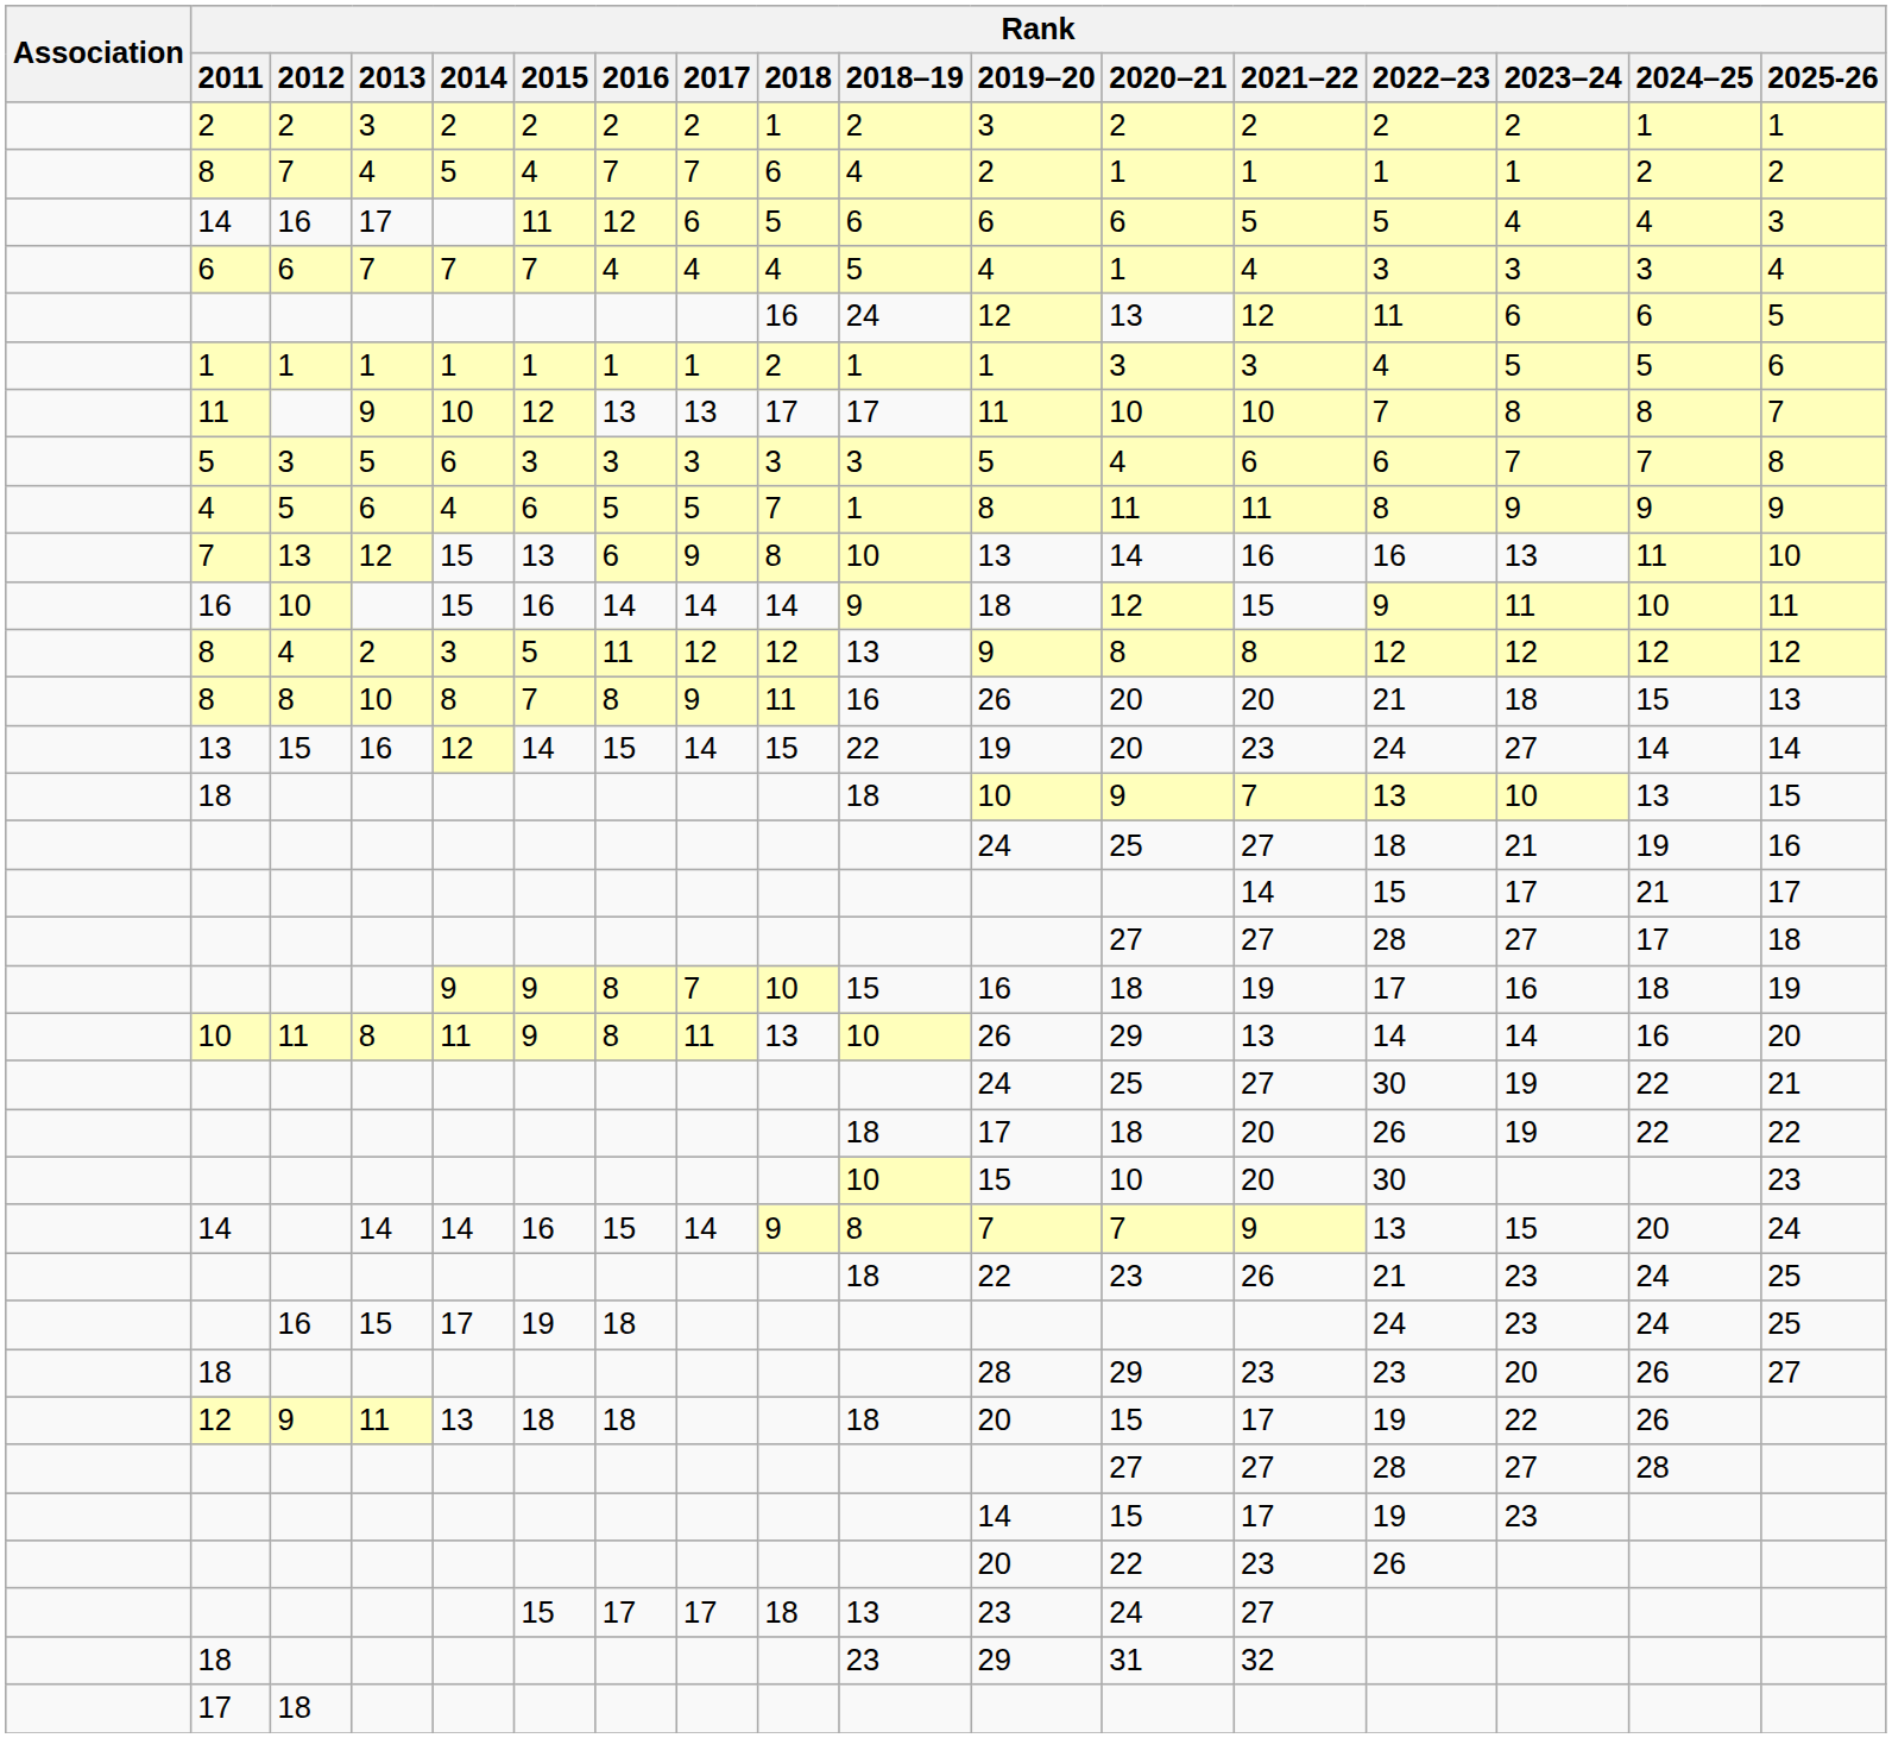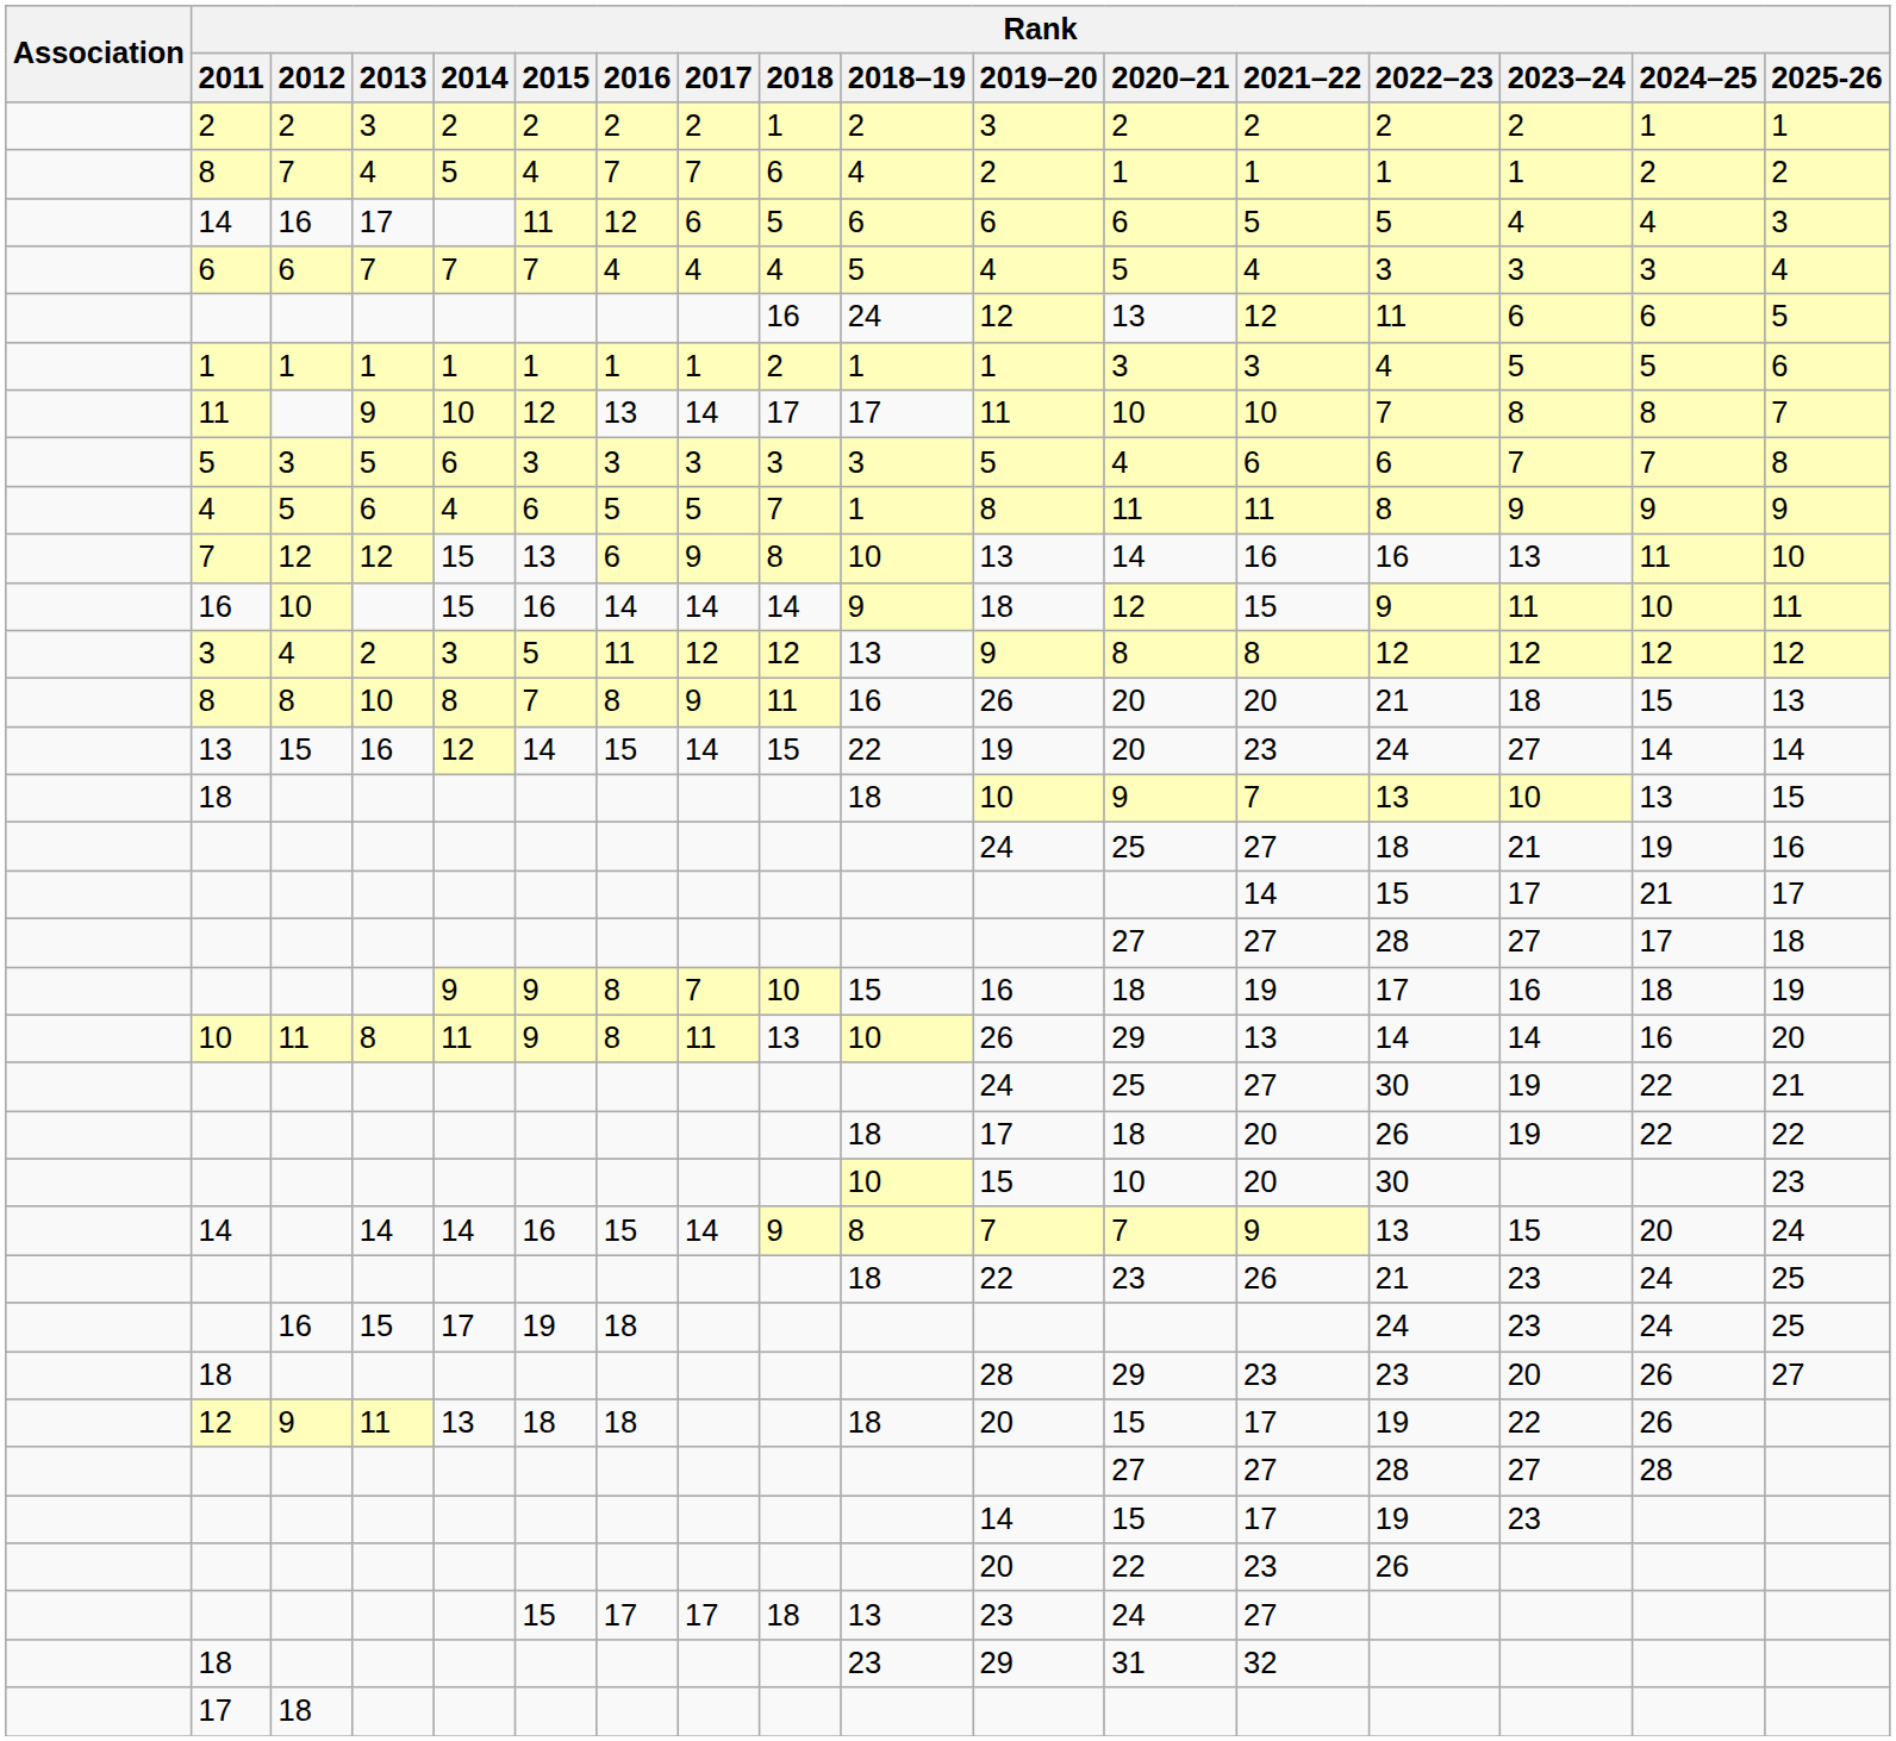 <table class="wikitable sortable" style="texT–align: center;">
 <tr>
 <th rowspan=2>Association</th>
 <th colspan=16>Rank </th>
 </tr>
 <tr>
 <th data-sort-type="number">2011</th>
 <th data-sort-type="number">2012</th>
 <th data-sort-type="number">2013</th>
 <th data-sort-type="number">2014</th>
 <th data-sort-type="number">2015</th>
 <th data-sort-type="number">2016</th>
 <th data-sort-type="number">2017</th>
 <th data-sort-type="number">2018</th>
 <th data-sort-type="number">2018–19</th>
 <th data-sort-type="number">2019–20</th>
 <th data-sort-type="number">2020–21</th>
 <th !data-sort-type="number">2021–22</th>
 <th data-sort-type="number">2022–23</th>
 <th data-sort-type="number">2023–24</th>
 <th data-sort-type="number">2024–25</th>
 <th data-sort-type="number">2025-26</th>
 </tr>
 <tr>
 <td align=left></td>
 <td bgcolor=#FFFFBB>2 </td>
 <td bgcolor=#FFFFBB>2 </td>
 <td bgcolor=#FFFFBB>3 </td>
 <td bgcolor=#FFFFBB>2 </td>
 <td bgcolor=#FFFFBB>2 </td>
 <td bgcolor=#FFFFBB>2 </td>
 <td bgcolor=#FFFFBB>2 </td>
 <td bgcolor=#FFFFBB>1 </td>
 <td bgcolor=#FFFFBB>2 </td>
 <td bgcolor=#FFFFBB>3 </td>
 <td bgcolor=#FFFFBB>2 </td>
 <td bgcolor=#FFFFBB>2 </td>
 <td bgcolor=#FFFFBB>2 </td>
 <td bgcolor=#FFFFBB>2 </td>
 <td bgcolor=#FFFFBB>1 </td>
 <td bgcolor=#FFFFBB>1 </td>
 </tr>
 <tr>
 <td align=left></td>
 <td bgcolor=#FFFFBB>8 </td>
 <td bgcolor=#FFFFBB>7 </td>
 <td bgcolor=#FFFFBB>4 </td>
 <td bgcolor=#FFFFBB>5 </td>
 <td bgcolor=#FFFFBB>4 </td>
 <td bgcolor=#FFFFBB>7 </td>
 <td bgcolor=#FFFFBB>7 </td>
 <td bgcolor=#FFFFBB>6 </td>
 <td bgcolor=#FFFFBB>4 </td>
 <td bgcolor=#FFFFBB>2 </td>
 <td bgcolor=#FFFFBB>1 </td>
 <td bgcolor=#FFFFBB>1 </td>
 <td bgcolor=#FFFFBB>1 </td>
 <td bgcolor=#FFFFBB>1 </td>
 <td bgcolor=#FFFFBB>2 </td>
 <td bgcolor=#FFFFBB>2 </td>
 </tr>
 <tr>
 <td align="left"></td>
 <td>14 </td>
 <td>16 </td>
 <td>17 </td>
 <td></td>
 <td bgcolor="#FFFFBB">11 </td>
 <td bgcolor="#FFFFBB">12 </td>
 <td bgcolor="#FFFFBB">6 </td>
 <td bgcolor="#FFFFBB">5 </td>
 <td bgcolor="#FFFFBB">6 </td>
 <td bgcolor="#FFFFBB">6 </td>
 <td bgcolor="#FFFFBB">6 </td>
 <td bgcolor="#FFFFBB">5 </td>
 <td bgcolor="#FFFFBB">5 </td>
 <td bgcolor="#FFFFBB">4 </td>
 <td bgcolor="#FFFFBB">4 </td>
 <td bgcolor="#FFFFBB">3 </td>
 </tr>
 <tr>
 <td align=left></td>
 <td bgcolor=#FFFFBB>6 </td>
 <td bgcolor=#FFFFBB>6 </td>
 <td bgcolor=#FFFFBB>7 </td>
 <td bgcolor=#FFFFBB>7 </td>
 <td bgcolor=#FFFFBB>7 </td>
 <td bgcolor=#FFFFBB>4 </td>
 <td bgcolor=#FFFFBB>4 </td>
 <td bgcolor=#FFFFBB>4 </td>
 <td bgcolor=#FFFFBB>5 </td>
 <td bgcolor=#FFFFBB>4 </td>
-<td bgcolor=#FFFFBB>1 </td>
+<td bgcolor=#FFFFBB>5 </td>
 <td bgcolor=#FFFFBB>4 </td>
 <td bgcolor=#FFFFBB>3 </td>
 <td bgcolor=#FFFFBB>3 </td>
 <td bgcolor=#FFFFBB>3 </td>
 <td bgcolor=#FFFFBB>4 </td>
 </tr>
 <tr>
 <td align=left></td>
 <td></td>
 <td></td>
 <td></td>
 <td></td>
 <td></td>
 <td></td>
 <td></td>
 <td>16 </td>
 <td>24 </td>
 <td bgcolor=#FFFFBB>12 </td>
 <td>13 </td>
 <td bgcolor=#FFFFBB>12 </td>
 <td bgcolor=#FFFFBB>11 </td>
 <td bgcolor=#FFFFBB>6 </td>
 <td bgcolor=#FFFFBB>6 </td>
 <td bgcolor=#FFFFBB>5 </td>
 </tr>
 <tr>
 <td align="left"></td>
 <td bgcolor="#FFFFBB">1 </td>
 <td bgcolor="#FFFFBB">1 </td>
 <td bgcolor="#FFFFBB">1 </td>
 <td bgcolor="#FFFFBB">1 </td>
 <td bgcolor="#FFFFBB">1 </td>
 <td bgcolor="#FFFFBB">1 </td>
 <td bgcolor="#FFFFBB">1 </td>
 <td bgcolor="#FFFFBB">2 </td>
 <td bgcolor="#FFFFBB">1 </td>
 <td bgcolor="#FFFFBB">1 </td>
 <td bgcolor="#FFFFBB">3 </td>
 <td bgcolor="#FFFFBB">3 </td>
 <td bgcolor="#FFFFBB">4 </td>
 <td bgcolor="#FFFFBB">5 </td>
 <td bgcolor="#FFFFBB">5 </td>
 <td bgcolor="#FFFFBB">6 </td>
 </tr>
 <tr>
 <td align=left></td>
 <td bgcolor=#FFFFBB>11 </td>
 <td> </td>
 <td bgcolor=#FFFFBB>9 </td>
 <td bgcolor=#FFFFBB>10 </td>
 <td bgcolor=#FFFFBB>12 </td>
 <td>13 </td>
-<td>13 </td>
+<td>14 </td>
 <td>17 </td>
 <td>17 </td>
 <td bgcolor=#FFFFBB>11 </td>
 <td bgcolor=#FFFFBB>10 </td>
 <td bgcolor=#FFFFBB>10 </td>
 <td bgcolor=#FFFFBB>7 </td>
 <td bgcolor=#FFFFBB>8 </td>
 <td bgcolor=#FFFFBB>8 </td>
 <td bgcolor=#FFFFBB>7 </td>
 </tr>
 <tr>
 <td align=left></td>
 <td bgcolor=#FFFFBB>5 </td>
 <td bgcolor=#FFFFBB>3 </td>
 <td bgcolor=#FFFFBB>5 </td>
 <td bgcolor=#FFFFBB>6 </td>
 <td bgcolor=#FFFFBB>3 </td>
 <td bgcolor=#FFFFBB>3 </td>
 <td bgcolor=#FFFFBB>3 </td>
 <td bgcolor=#FFFFBB>3 </td>
 <td bgcolor=#FFFFBB>3 </td>
 <td bgcolor=#FFFFBB>5 </td>
 <td bgcolor=#FFFFBB>4 </td>
 <td bgcolor=#FFFFBB>6 </td>
 <td bgcolor=#FFFFBB>6 </td>
 <td bgcolor=#FFFFBB>7 </td>
 <td bgcolor=#FFFFBB>7 </td>
 <td bgcolor=#FFFFBB>8 </td>
 </tr>
 <tr>
 <td align=left></td>
 <td bgcolor=#FFFFBB>4 </td>
 <td bgcolor=#FFFFBB>5 </td>
 <td bgcolor=#FFFFBB>6 </td>
 <td bgcolor=#FFFFBB>4 </td>
 <td bgcolor=#FFFFBB>6 </td>
 <td bgcolor=#FFFFBB>5 </td>
 <td bgcolor=#FFFFBB>5 </td>
 <td bgcolor=#FFFFBB>7 </td>
 <td bgcolor=#FFFFBB>1 </td>
 <td bgcolor=#FFFFBB>8 </td>
 <td bgcolor=#FFFFBB>11 </td>
 <td bgcolor=#FFFFBB>11 </td>
 <td bgcolor=#FFFFBB>8 </td>
 <td bgcolor=#FFFFBB>9 </td>
 <td bgcolor=#FFFFBB>9 </td>
 <td bgcolor=#FFFFBB>9 </td>
 </tr>
 <tr>
 <td align=left></td>
 <td bgcolor=#FFFFBB>7 </td>
-<td bgcolor=#FFFFBB>13 </td>
+<td bgcolor=#FFFFBB>12 </td>
 <td bgcolor=#FFFFBB>12 </td>
 <td>15 </td>
 <td>13 </td>
 <td bgcolor=#FFFFBB>6 </td>
 <td bgcolor=#FFFFBB>9 </td>
 <td bgcolor=#FFFFBB>8 </td>
 <td bgcolor=#FFFFBB>10 </td>
 <td>13 </td>
 <td>14 </td>
 <td>16 </td>
 <td>16 </td>
 <td>13 </td>
 <td bgcolor=#FFFFBB>11 </td>
 <td bgcolor=#FFFFBB>10 </td>
 </tr>
 <tr>
 <td align=left></td>
 <td>16 </td>
 <td bgcolor=#FFFFBB>10 </td>
 <td> </td>
 <td>15 </td>
 <td>16 </td>
 <td>14 </td>
 <td>14 </td>
 <td>14 </td>
 <td bgcolor=#FFFFBB>9 </td>
 <td>18 </td>
 <td bgcolor=#FFFFBB>12 </td>
 <td>15 </td>
 <td bgcolor=#FFFFBB>9 </td>
 <td bgcolor=#FFFFBB>11 </td>
 <td bgcolor=#FFFFBB>10 </td>
 <td bgcolor=#FFFFBB>11 </td>
 </tr>
 <tr>
 <td align=left></td>
-<td bgcolor=#FFFFBB>8 </td>
+<td bgcolor=#FFFFBB>3 </td>
 <td bgcolor=#FFFFBB>4 </td>
 <td bgcolor=#FFFFBB>2 </td>
 <td bgcolor=#FFFFBB>3 </td>
 <td bgcolor=#FFFFBB>5 </td>
 <td bgcolor=#FFFFBB>11 </td>
 <td bgcolor=#FFFFBB>12 </td>
 <td bgcolor=#FFFFBB>12 </td>
 <td>13 </td>
 <td bgcolor=#FFFFBB>9 </td>
 <td bgcolor=#FFFFBB>8 </td>
 <td bgcolor=#FFFFBB>8 </td>
 <td bgcolor=#FFFFBB>12 </td>
 <td bgcolor=#FFFFBB>12 </td>
 <td bgcolor=#FFFFBB>12 </td>
 <td bgcolor=#FFFFBB>12 </td>
 </tr>
 <tr>
 <td align=left></td>
 <td bgcolor=#FFFFBB>8 </td>
 <td bgcolor=#FFFFBB>8 </td>
 <td bgcolor=#FFFFBB>10 </td>
 <td bgcolor=#FFFFBB>8 </td>
 <td bgcolor=#FFFFBB>7 </td>
 <td bgcolor=#FFFFBB>8 </td>
 <td bgcolor=#FFFFBB>9 </td>
 <td bgcolor=#FFFFBB>11 </td>
 <td>16 </td>
 <td>26 </td>
 <td>20 </td>
 <td>20 </td>
 <td>21 </td>
 <td>18 </td>
 <td>15 </td>
 <td>13 </td>
 </tr>
 <tr>
 <td align=left></td>
 <td>13 </td>
 <td>15 </td>
 <td>16 </td>
 <td bgcolor=#FFFFBB>12 </td>
 <td>14 </td>
 <td>15 </td>
 <td>14 </td>
 <td>15 </td>
 <td>22 </td>
 <td>19 </td>
 <td>20 </td>
 <td>23 </td>
 <td>24 </td>
 <td>27 </td>
 <td>14 </td>
 <td>14 </td>
 </tr>
 <tr>
 <td align=left></td>
 <td>18 </td>
 <td></td>
 <td></td>
 <td></td>
 <td></td>
 <td></td>
 <td></td>
 <td></td>
 <td>18 </td>
 <td bgcolor=#FFFFBB>10 </td>
 <td bgcolor=#FFFFBB>9 </td>
 <td bgcolor=#FFFFBB>7 </td>
 <td bgcolor=#FFFFBB>13 </td>
 <td bgcolor=#FFFFBB>10 </td>
 <td>13 </td>
 <td>15 </td>
 </tr>
 <tr>
 <td align=left></td>
 <td></td>
 <td></td>
 <td></td>
 <td></td>
 <td></td>
 <td></td>
 <td></td>
 <td></td>
 <td></td>
 <td>24 </td>
 <td>25 </td>
 <td>27 </td>
 <td>18 </td>
 <td>21 </td>
 <td>19 </td>
 <td>16 </td>
 </tr>
 <tr>
 <td align=left></td>
 <td></td>
 <td></td>
 <td></td>
 <td></td>
 <td></td>
 <td></td>
 <td></td>
 <td></td>
 <td></td>
 <td></td>
 <td></td>
 <td>14 </td>
 <td>15 </td>
 <td>17 </td>
 <td>21 </td>
 <td>17 </td>
 </tr>
 <tr>
 <td align=left></td>
 <td></td>
 <td></td>
 <td></td>
 <td></td>
 <td></td>
 <td></td>
 <td></td>
 <td></td>
 <td></td>
 <td></td>
 <td>27 </td>
 <td>27 </td>
 <td>28 </td>
 <td>27 </td>
 <td>17 </td>
 <td>18 </td>
 </tr>
 <tr>
 <td align=left></td>
 <td></td>
 <td></td>
 <td></td>
 <td bgcolor=#FFFFBB>9 </td>
 <td bgcolor=#FFFFBB>9 </td>
 <td bgcolor=#FFFFBB>8 </td>
 <td bgcolor=#FFFFBB>7 </td>
 <td bgcolor=#FFFFBB>10 </td>
 <td>15 </td>
 <td>16 </td>
 <td>18 </td>
 <td>19 </td>
 <td>17 </td>
 <td>16 </td>
 <td>18 </td>
 <td>19 </td>
 </tr>
 <tr>
 <td align=left></td>
 <td bgcolor=#FFFFBB>10 </td>
 <td bgcolor=#FFFFBB>11 </td>
 <td bgcolor=#FFFFBB>8 </td>
 <td bgcolor=#FFFFBB>11 </td>
 <td bgcolor=#FFFFBB>9 </td>
 <td bgcolor=#FFFFBB>8 </td>
 <td bgcolor=#FFFFBB>11 </td>
 <td>13 </td>
 <td bgcolor=#FFFFBB>10 </td>
 <td>26 </td>
 <td>29 </td>
 <td>13 </td>
 <td>14 </td>
 <td>14 </td>
 <td>16 </td>
 <td>20 </td>
 </tr>
 <tr>
 <td align=left></td>
 <td></td>
 <td></td>
 <td></td>
 <td></td>
 <td></td>
 <td></td>
 <td></td>
 <td></td>
 <td></td>
 <td>24 </td>
 <td>25 </td>
 <td>27 </td>
 <td>30 </td>
 <td>19 </td>
 <td>22 </td>
 <td>21 </td>
 </tr>
 <tr>
 <td align=left></td>
 <td></td>
 <td></td>
 <td></td>
 <td></td>
 <td></td>
 <td></td>
 <td></td>
 <td></td>
 <td>18 </td>
 <td>17 </td>
 <td>18 </td>
 <td>20 </td>
 <td>26 </td>
 <td>19 </td>
 <td>22 </td>
 <td>22 </td>
 </tr>
 <tr>
 <td align=left></td>
 <td></td>
 <td></td>
 <td></td>
 <td></td>
 <td></td>
 <td></td>
 <td></td>
 <td></td>
 <td bgcolor=#FFFFBB>10 </td>
 <td>15 </td>
 <td>10 </td>
 <td>20 </td>
 <td>30 </td>
 <td></td>
 <td></td>
 <td>23 </td>
 </tr>
 <tr>
 <td align=left></td>
 <td>14 </td>
 <td> </td>
 <td>14 </td>
 <td>14 </td>
 <td>16 </td>
 <td>15 </td>
 <td>14 </td>
 <td bgcolor=#FFFFBB>9 </td>
 <td bgcolor=#FFFFBB>8 </td>
 <td bgcolor=#FFFFBB>7 </td>
 <td bgcolor=#FFFFBB>7 </td>
 <td bgcolor=#FFFFBB>9 </td>
 <td>13 </td>
 <td>15 </td>
 <td>20 </td>
 <td>24 </td>
 </tr>
 <tr>
 <td align=left></td>
 <td></td>
 <td></td>
 <td></td>
 <td></td>
 <td></td>
 <td></td>
 <td></td>
 <td></td>
 <td>18 </td>
 <td>22 </td>
 <td>23 </td>
 <td>26 </td>
 <td>21 </td>
 <td>23 </td>
 <td>24 </td>
 <td>25 </td>
 </tr>
 <tr>
 <td align=left></td>
 <td></td>
 <td>16 </td>
 <td>15 </td>
 <td>17 </td>
 <td>19 </td>
 <td>18 </td>
 <td></td>
 <td></td>
 <td></td>
 <td></td>
 <td></td>
 <td></td>
 <td>24 </td>
 <td>23 </td>
 <td>24 </td>
 <td>25 </td>
 </tr>
 <tr>
 <td align=left></td>
 <td>18 </td>
 <td></td>
 <td></td>
 <td></td>
 <td></td>
 <td></td>
 <td></td>
 <td></td>
 <td></td>
 <td>28 </td>
 <td>29 </td>
 <td>23 </td>
 <td>23 </td>
 <td>20 </td>
 <td>26 </td>
 <td>27 </td>
 </tr>
 <tr>
 <td align=left></td>
 <td bgcolor=#FFFFBB>12 </td>
 <td bgcolor=#FFFFBB>9 </td>
 <td bgcolor=#FFFFBB>11 </td>
 <td>13 </td>
 <td>18 </td>
 <td>18 </td>
 <td></td>
 <td></td>
 <td>18 </td>
 <td>20 </td>
 <td>15 </td>
 <td>17 </td>
 <td>19 </td>
 <td>22 </td>
 <td>26 </td>
 <td></td>
 </tr>
 <tr>
 <td align=left></td>
 <td></td>
 <td></td>
 <td></td>
 <td></td>
 <td></td>
 <td></td>
 <td></td>
 <td></td>
 <td></td>
 <td></td>
 <td>27 </td>
 <td>27 </td>
 <td>28 </td>
 <td>27 </td>
 <td>28 </td>
 <td></td>
 </tr>
 <tr>
 <td align=left></td>
 <td></td>
 <td></td>
 <td></td>
 <td></td>
 <td></td>
 <td></td>
 <td></td>
 <td></td>
 <td></td>
 <td>14 </td>
 <td>15 </td>
 <td>17 </td>
 <td>19 </td>
 <td>23 </td>
 <td></td>
 <td></td>
 </tr>
 <tr>
 <td align=left></td>
 <td></td>
 <td></td>
 <td></td>
 <td></td>
 <td></td>
 <td></td>
 <td></td>
 <td></td>
 <td></td>
 <td>20 </td>
 <td>22 </td>
 <td>23 </td>
 <td>26 </td>
 <td></td>
 <td></td>
 <td></td>
 </tr>
 <tr>
 <td align=left></td>
 <td></td>
 <td></td>
 <td></td>
 <td></td>
 <td>15 </td>
 <td>17 </td>
 <td>17 </td>
 <td>18 </td>
 <td>13 </td>
 <td>23 </td>
 <td>24 </td>
 <td>27 </td>
 <td></td>
 <td></td>
 <td></td>
 <td></td>
 </tr>
 <tr>
 <td align=left></td>
 <td>18 </td>
 <td></td>
 <td></td>
 <td></td>
 <td></td>
 <td></td>
 <td></td>
 <td></td>
 <td>23 </td>
 <td>29 </td>
 <td>31 </td>
 <td>32 </td>
 <td></td>
 <td></td>
 <td></td>
 <td></td>
 </tr>
 <tr>
 <td align=left></td>
 <td>17 </td>
 <td>18 </td>
 <td></td>
 <td></td>
 <td></td>
 <td></td>
 <td></td>
 <td></td>
 <td></td>
 <td></td>
 <td></td>
 <td></td>
 <td></td>
 <td></td>
 <td></td>
 <td></td>
 </tr>
 </table>
